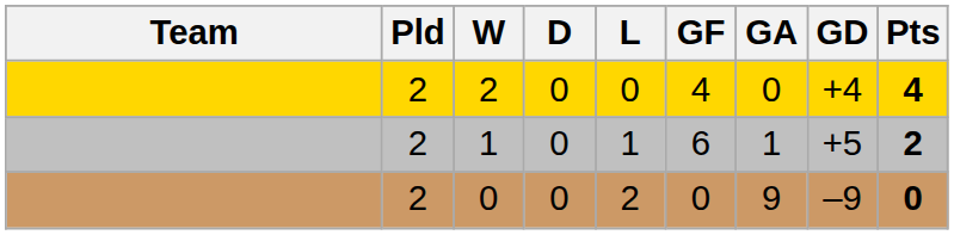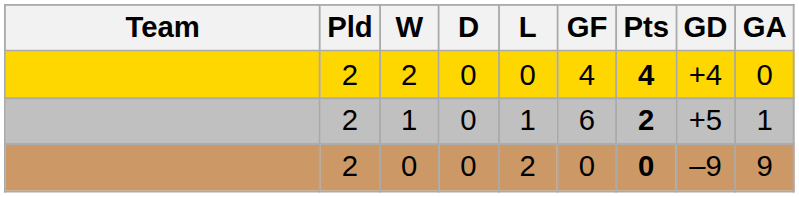 <table class="wikitable" style="text-align: center;">
 <tr>
 <th width=165>Team</th>
 <th width=25>Pld</th>
 <th width=25>W</th>
 <th width=25>D</th>
 <th width=25>L</th>
 <th width=25>GF</th>
+<th width=25>Pts</th>
+<th width=25>GD</th>
 <th width=25>GA</th>
-<th width=25>GD</th>
-<th width=25>Pts</th>
 </tr>
 <tr bgcolor=gold>
 <td align="left"></td>
 <td>2</td>
 <td>2</td>
 <td>0</td>
 <td>0</td>
 <td>4</td>
+<td><strong>4</strong></td>
+<td>+4</td>
 <td>0</td>
-<td>+4</td>
-<td><strong>4</strong></td>
 </tr>
 <tr bgcolor=silver>
 <td align="left"></td>
 <td>2</td>
 <td>1</td>
 <td>0</td>
 <td>1</td>
 <td>6</td>
+<td><strong>2</strong></td>
+<td>+5</td>
 <td>1</td>
-<td>+5</td>
-<td><strong>2</strong></td>
 </tr>
 <tr bgcolor=#cc9966>
 <td align="left"></td>
 <td>2</td>
 <td>0</td>
 <td>0</td>
 <td>2</td>
 <td>0</td>
+<td><strong>0</strong></td>
+<td>–9</td>
 <td>9</td>
-<td>–9</td>
-<td><strong>0</strong></td>
 </tr>
 </table>
